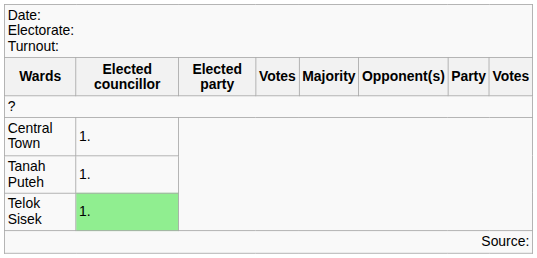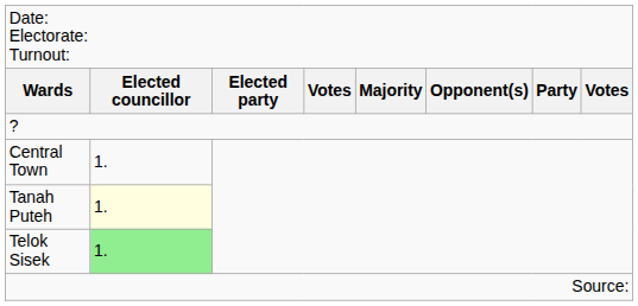 <table class=wikitable>
 <tr>
 <td colspan=8>Date: <br>Electorate: <br>Turnout:</td>
 </tr>
 <tr>
 <th>Wards</th>
 <th>Elected councillor</th>
 <th>Elected party</th>
 <th>Votes</th>
 <th>Majority</th>
 <th>Opponent(s)</th>
 <th>Party</th>
 <th>Votes</th>
 </tr>
 <tr>
 <td colspan=8>? </td>
 </tr>
 <tr>
 <td>Central Town</td>
 <td>1.</td>
 </tr>
 <tr>
 <td>Tanah Puteh</td>
-<td>1.</td>
+<td style="background: lightyellow;">1.</td>
 </tr>
 <tr>
 <td>Telok Sisek</td>
 <td style="background: lightgreen;">1.</td>
 </tr>
 <tr>
 <td colspan=8 align=right>Source:</td>
 </tr>
 </table>
